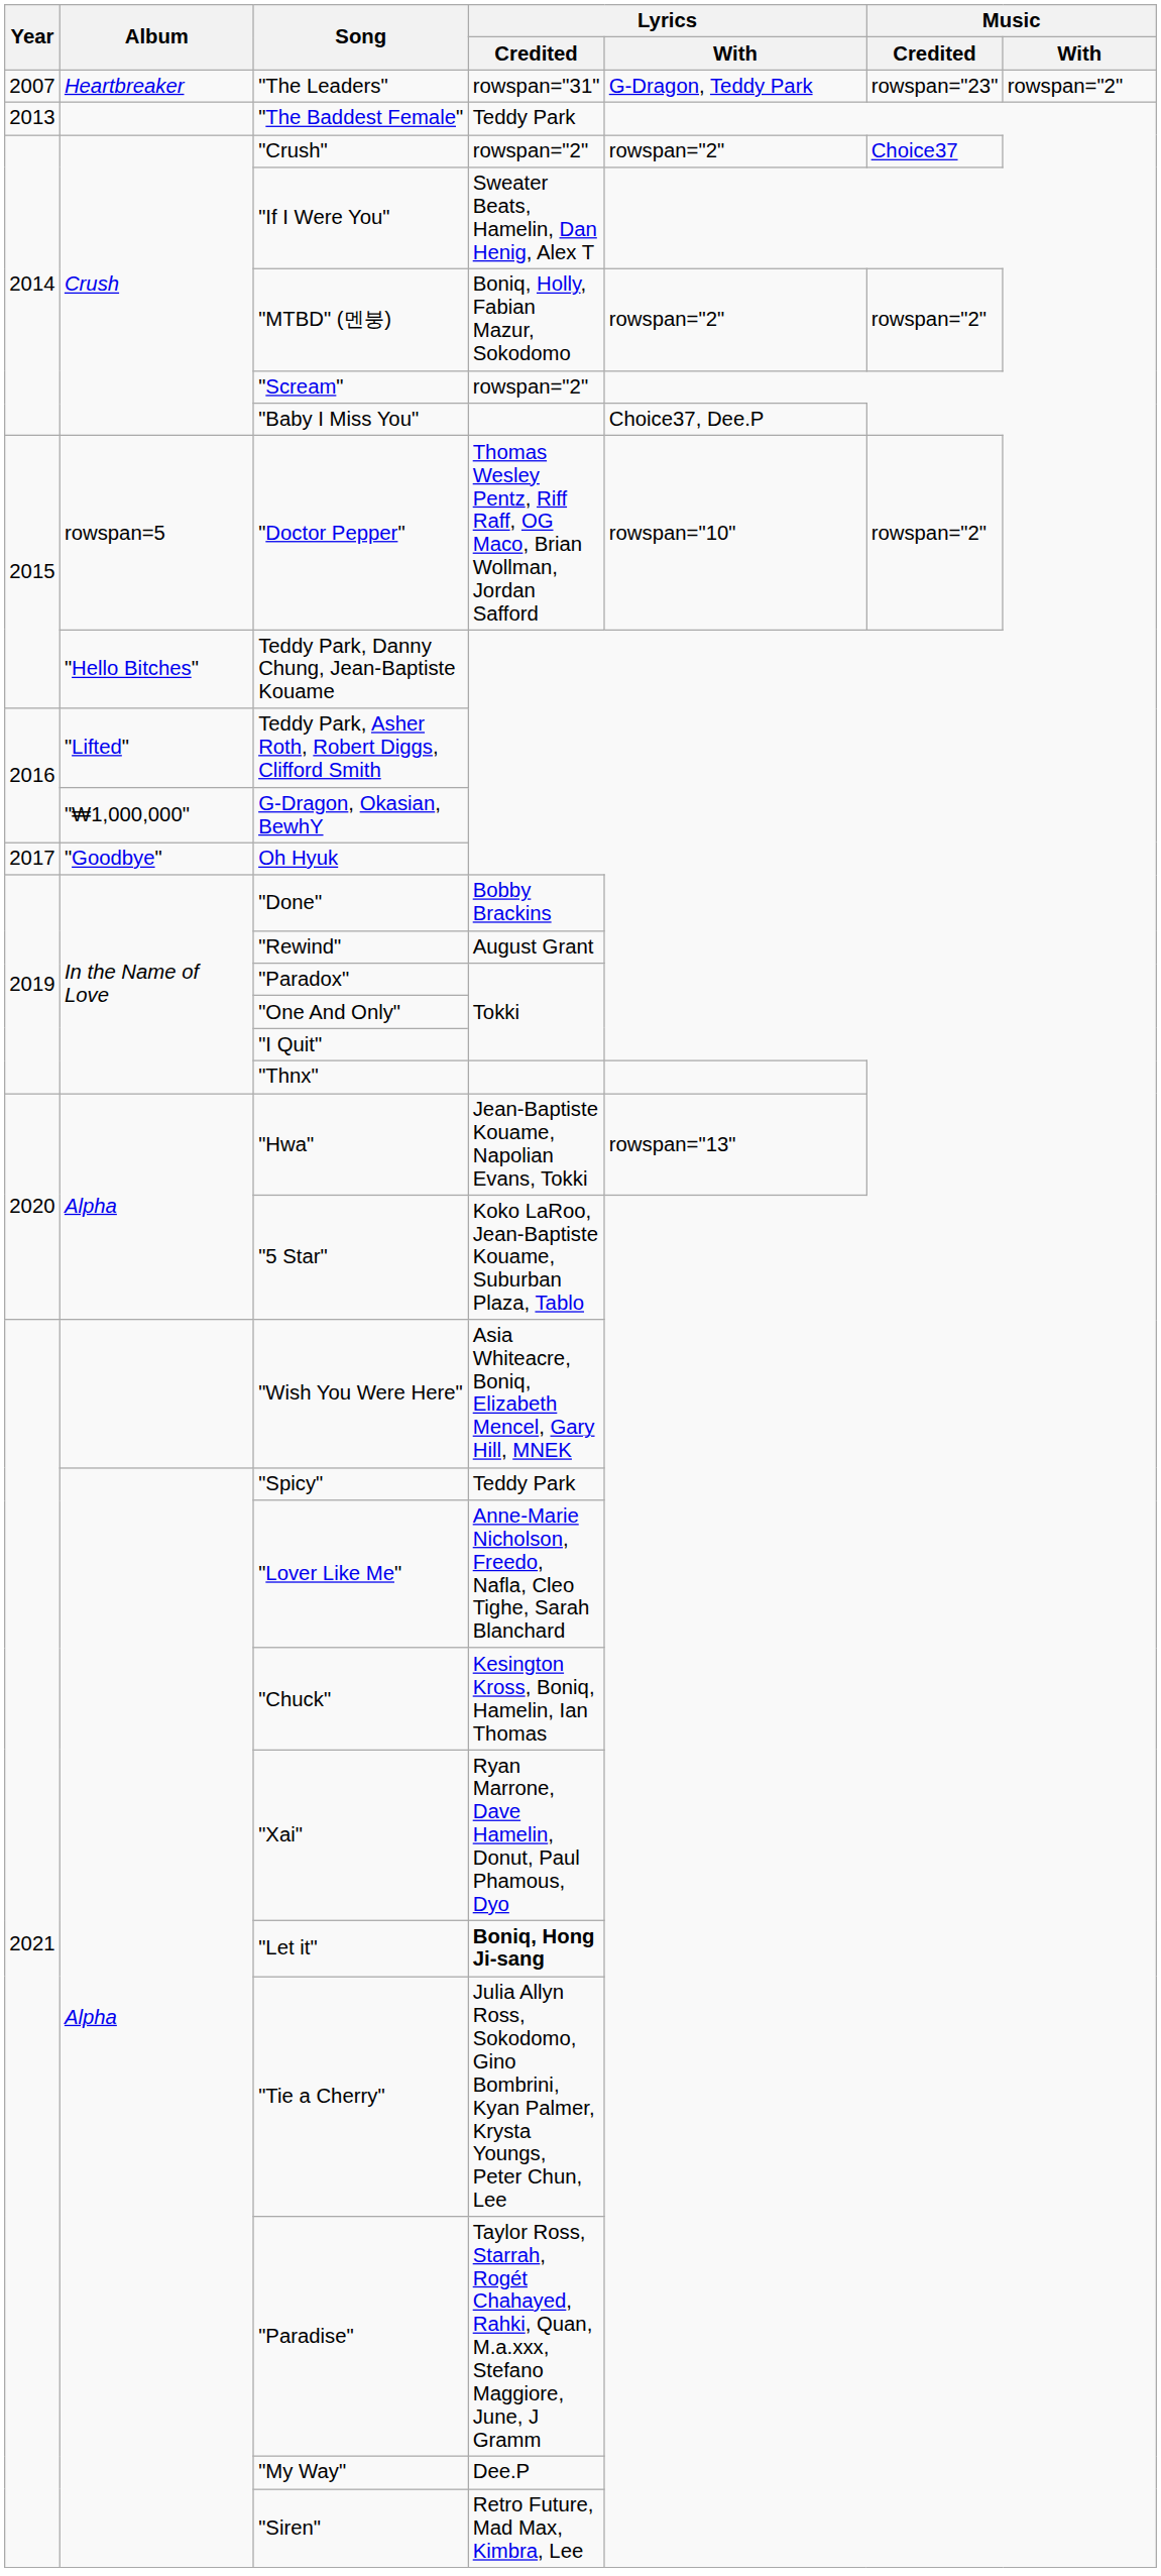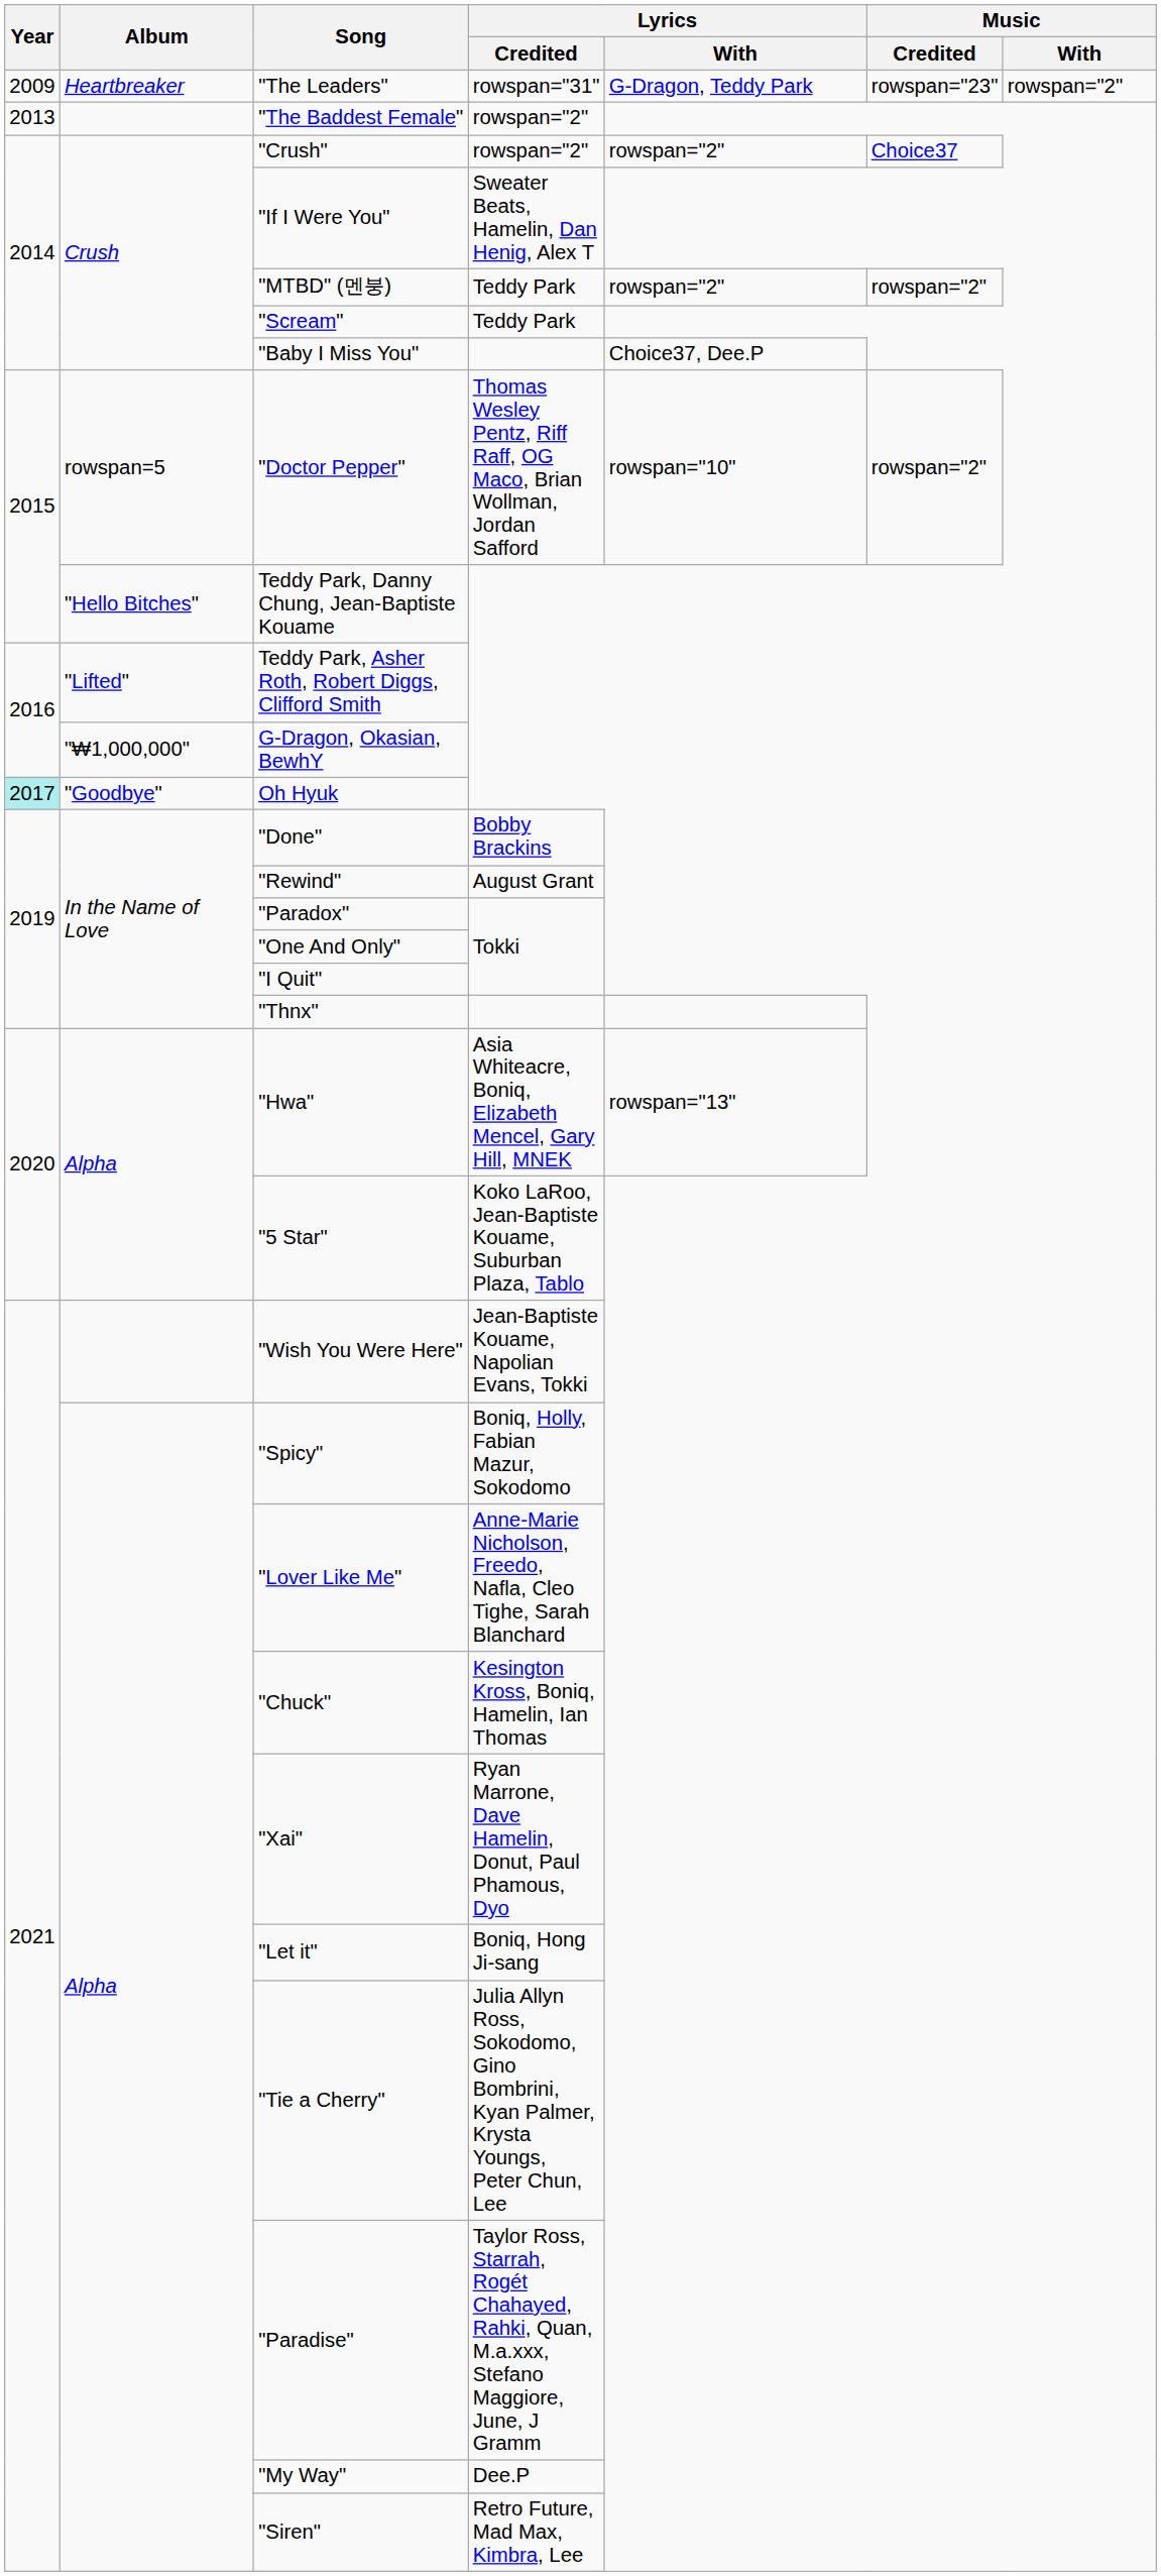 <table class="wikitable" width=900px>
 <tr>
 <th rowspan=2 style="width:2em;">Year</th>
 <th rowspan=2 style="width:9em;">Album</th>
 <th rowspan=2 style="width:10em;">Song</th>
 <th colspan="2" style="width:10em;">Lyrics</th>
 <th colspan="2" style="width:12em;">Music</th>
 </tr>
 <tr>
 <th width=50px>Credited</th>
 <th>With</th>
 <th width=50px>Credited</th>
 <th>With</th>
 </tr>
 <tr>
-<td>2007</td>
+<td>2009</td>
 <td><em><a href='#'>Heartbreaker</a></em></td>
 <td>"The Leaders"</td>
 <td>rowspan="31" </td>
 <td><a href='#'>G-Dragon</a>, <a href='#'>Teddy Park</a></td>
 <td>rowspan="23" </td>
 <td>rowspan="2" </td>
 </tr>
 <tr>
 <td>2013</td>
 <td></td>
 <td>"<a href='#'>The Baddest Female</a>"</td>
-<td>Teddy Park</td>
+<td>rowspan="2" </td>
 </tr>
 <tr>
 <td rowspan=5>2014</td>
 <td rowspan=5><em><a href='#'>Crush</a></em></td>
 <td>"Crush"</td>
 <td>rowspan="2" </td>
 <td>rowspan="2" </td>
 <td><a href='#'>Choice37</a></td>
 </tr>
 <tr>
 <td>"If I Were You"</td>
 <td>Sweater Beats, Hamelin, <a href='#'>Dan Henig</a>, Alex T</td>
 </tr>
 <tr>
 <td>"MTBD" (멘붕)</td>
-<td>Boniq, <a href='#'>Holly</a>, Fabian Mazur, Sokodomo</td>
+<td>Teddy Park</td>
 <td>rowspan="2" </td>
 <td>rowspan="2" </td>
 </tr>
 <tr>
 <td>"<a href='#'>Scream</a>"</td>
-<td>rowspan="2" </td>
+<td>Teddy Park</td>
 </tr>
 <tr>
 <td>"Baby I Miss You"</td>
 <td></td>
 <td>Choice37, Dee.P</td>
 </tr>
 <tr>
 <td rowspan=2>2015</td>
 <td>rowspan=5 </td>
 <td>"<a href='#'>Doctor Pepper</a>"</td>
 <td><a href='#'>Thomas Wesley Pentz</a>, <a href='#'>Riff Raff</a>, <a href='#'>OG Maco</a>, Brian Wollman, Jordan Safford</td>
 <td>rowspan="10" </td>
 <td>rowspan="2" </td>
 </tr>
 <tr>
 <td>"<a href='#'>Hello Bitches</a>"</td>
 <td>Teddy Park, Danny Chung, Jean-Baptiste Kouame</td>
 </tr>
 <tr>
 <td rowspan="2">2016</td>
 <td>"<a href='#'>Lifted</a>"</td>
 <td>Teddy Park, <a href='#'>Asher Roth</a>, <a href='#'>Robert Diggs</a>, <a href='#'>Clifford Smith</a></td>
 </tr>
 <tr>
 <td>"₩1,000,000"</td>
 <td><a href='#'>G-Dragon</a>, <a href='#'>Okasian</a>, <a href='#'>BewhY</a></td>
 </tr>
 <tr>
-<td>2017</td>
+<td style="background: paleturquoise;">2017</td>
 <td>"<a href='#'>Goodbye</a>"</td>
 <td><a href='#'>Oh Hyuk</a></td>
 </tr>
 <tr>
 <td rowspan="6">2019</td>
 <td rowspan="6"><em>In the Name of Love</em></td>
 <td>"Done"</td>
 <td><a href='#'>Bobby Brackins</a></td>
 </tr>
 <tr>
 <td>"Rewind"</td>
 <td>August Grant</td>
 </tr>
 <tr>
 <td>"Paradox"</td>
 <td rowspan="3">Tokki</td>
 </tr>
 <tr>
 <td>"One And Only"</td>
 </tr>
 <tr>
 <td>"I Quit"</td>
 </tr>
 <tr>
 <td>"Thnx"</td>
 <td></td>
 <td></td>
 </tr>
 <tr>
 <td rowspan="2">2020</td>
 <td rowspan="2"><em><a href='#'>Alpha</a></em></td>
 <td>"Hwa"</td>
-<td>Jean-Baptiste Kouame, Napolian Evans, Tokki</td>
+<td>Asia Whiteacre, Boniq, <a href='#'>Elizabeth Mencel</a>, <a href='#'>Gary Hill</a>, <a href='#'>MNEK</a></td>
 <td>rowspan="13" </td>
 </tr>
 <tr>
 <td>"5 Star"</td>
 <td>Koko LaRoo, Jean-Baptiste Kouame, Suburban Plaza, <a href='#'>Tablo</a></td>
 </tr>
 <tr>
 <td rowspan="10">2021</td>
 <td></td>
 <td>"Wish You Were Here"</td>
-<td>Asia Whiteacre, Boniq, <a href='#'>Elizabeth Mencel</a>, <a href='#'>Gary Hill</a>, <a href='#'>MNEK</a></td>
+<td>Jean-Baptiste Kouame, Napolian Evans, Tokki</td>
 </tr>
 <tr>
 <td rowspan="9"><em><a href='#'>Alpha</a></em></td>
 <td>"Spicy"</td>
-<td>Teddy Park</td>
+<td>Boniq, <a href='#'>Holly</a>, Fabian Mazur, Sokodomo</td>
 </tr>
 <tr>
 <td>"<a href='#'>Lover Like Me</a>"</td>
 <td><a href='#'>Anne-Marie Nicholson</a>, <a href='#'>Freedo</a>, Nafla, Cleo Tighe, Sarah Blanchard</td>
 </tr>
 <tr>
 <td>"Chuck"</td>
 <td><a href='#'>Kesington Kross</a>, Boniq, Hamelin, Ian Thomas</td>
 </tr>
 <tr>
 <td>"Xai"</td>
 <td>Ryan Marrone, <a href='#'>Dave Hamelin</a>, Donut, Paul Phamous, <a href='#'>Dyo</a></td>
 </tr>
 <tr>
 <td>"Let it"</td>
-<td><strong>Boniq, Hong Ji-sang</strong></td>
+<td>Boniq, Hong Ji-sang</td>
 </tr>
 <tr>
 <td>"Tie a Cherry"</td>
 <td>Julia Allyn Ross, Sokodomo, Gino Bombrini, Kyan Palmer, Krysta Youngs, Peter Chun, Lee</td>
 </tr>
 <tr>
 <td>"Paradise"</td>
 <td>Taylor Ross, <a href='#'>Starrah</a>, <a href='#'>Rogét Chahayed</a>, <a href='#'>Rahki</a>, Quan, M.a.xxx, Stefano Maggiore, June, J Gramm</td>
 </tr>
 <tr>
 <td>"My Way"</td>
 <td>Dee.P</td>
 </tr>
 <tr>
 <td>"Siren"</td>
 <td>Retro Future, Mad Max, <a href='#'>Kimbra</a>, Lee</td>
 </tr>
 <tr>
 </tr>
 </table>
